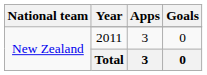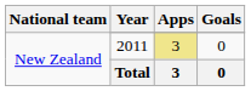 <table class="wikitable" style="font-size:90%; text-align: center">
 <tr>
 <th>National team</th>
 <th>Year</th>
 <th>Apps</th>
 <th>Goals</th>
 </tr>
 <tr>
 <td rowspan="3"><a href='#'>New Zealand</a></td>
 </tr>
 <tr>
 <td>2011</td>
-<td>3</td>
+<td style="background: khaki;">3</td>
 <td>0</td>
 </tr>
 <tr>
 <th>Total</th>
 <th>3</th>
 <th>0</th>
 </tr>
 </table>
